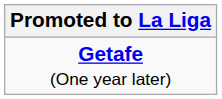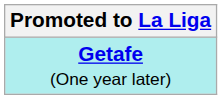 <table class="wikitable" style="text-align: center; margin: 0 auto;">
 <tr>
 <th colspan="9">Promoted to  <a href='#'>La Liga</a></th>
 </tr>
 <tr>
-<td><strong><a href='#'>Getafe</a></strong><br><small>(One year later)</small></td>
+<td style="background: paleturquoise;"><strong><a href='#'>Getafe</a></strong><br><small>(One year later)</small></td>
 </tr>
 </table>
